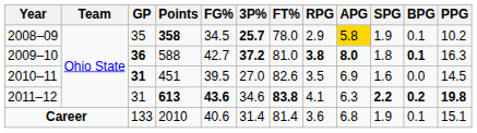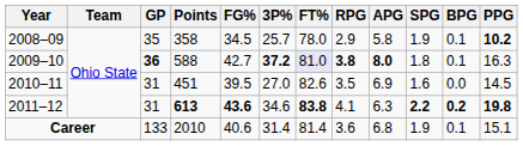 <table class="wikitable sortable">
 <tr>
 <th>Year</th>
 <th>Team</th>
 <th>GP</th>
 <th>Points</th>
 <th>FG%</th>
 <th>3P%</th>
 <th>FT%</th>
 <th>RPG</th>
 <th>APG</th>
 <th>SPG</th>
 <th>BPG</th>
 <th>PPG</th>
 </tr>
 <tr>
 <td>2008–09</td>
 <td rowspan=4><a href='#'>Ohio State</a></td>
 <td>35</td>
-<td><strong>358</strong></td>
+<td>358</td>
 <td>34.5</td>
-<td><strong>25.7</strong></td>
+<td>25.7</td>
 <td>78.0</td>
 <td>2.9</td>
-<td style="background: gold;">5.8</td>
+<td>5.8</td>
 <td>1.9</td>
 <td>0.1</td>
-<td>10.2</td>
+<td><strong>10.2</strong></td>
 </tr>
 <tr>
 <td>2009–10</td>
 <td><strong>36</strong></td>
 <td>588</td>
 <td>42.7</td>
 <td><strong>37.2</strong></td>
-<td>81.0</td>
+<td style="background: lavender;">81.0</td>
 <td><strong>3.8</strong></td>
 <td><strong>8.0</strong></td>
 <td>1.8</td>
-<td><strong>0.1</strong></td>
+<td>0.1</td>
 <td>16.3</td>
 </tr>
 <tr>
 <td>2010–11</td>
-<td><strong>31</strong></td>
+<td>31</td>
 <td>451</td>
 <td>39.5</td>
 <td>27.0</td>
 <td>82.6</td>
 <td>3.5</td>
 <td>6.9</td>
 <td>1.6</td>
 <td>0.0</td>
 <td>14.5</td>
 </tr>
 <tr>
 <td>2011–12</td>
 <td>31</td>
 <td><strong>613</strong></td>
 <td><strong>43.6</strong></td>
 <td>34.6</td>
 <td><strong>83.8</strong></td>
 <td>4.1</td>
 <td>6.3</td>
 <td><strong>2.2</strong></td>
 <td><strong>0.2</strong></td>
 <td><strong>19.8</strong></td>
 </tr>
 <tr class="sortbottom">
 <td colspan=2 align=center><strong>Career</strong></td>
 <td>133</td>
 <td>2010</td>
 <td>40.6</td>
 <td>31.4</td>
 <td>81.4</td>
 <td>3.6</td>
 <td>6.8</td>
 <td>1.9</td>
 <td>0.1</td>
 <td>15.1</td>
 </tr>
 </table>
